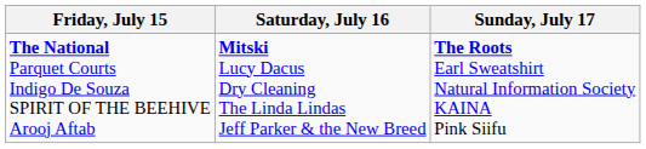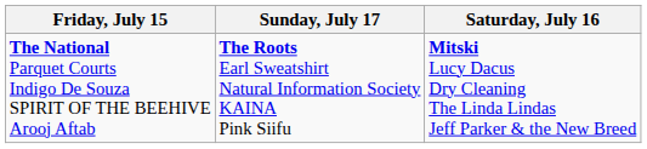 <table class="wikitable">
 <tr>
 <th>Friday, July 15</th>
+<th>Sunday, July 17</th>
 <th>Saturday, July 16</th>
-<th>Sunday, July 17</th>
 </tr>
 <tr valign="top">
 <td><strong><a href='#'>The National</a></strong><br><a href='#'>Parquet Courts</a><br><a href='#'>Indigo De Souza</a><br>SPIRIT OF THE BEEHIVE<br><a href='#'>Arooj Aftab</a></td>
+<td><strong><a href='#'>The Roots</a></strong><br><a href='#'>Earl Sweatshirt</a><br><a href='#'>Natural Information Society</a><br><a href='#'>KAINA</a><br>Pink Siifu</td>
 <td><strong><a href='#'>Mitski</a></strong><br><a href='#'>Lucy Dacus</a><br><a href='#'>Dry Cleaning</a><br><a href='#'>The Linda Lindas</a><br><a href='#'>Jeff Parker & the New Breed</a></td>
-<td><strong><a href='#'>The Roots</a></strong><br><a href='#'>Earl Sweatshirt</a><br><a href='#'>Natural Information Society</a><br><a href='#'>KAINA</a><br>Pink Siifu</td>
 </tr>
 </table>
